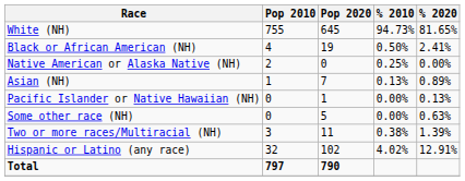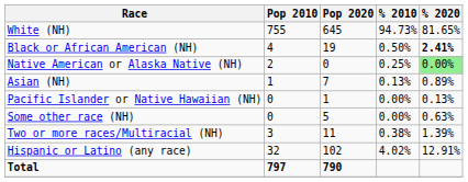 <table class="wikitable">
 <tr>
 <th>Race</th>
 <th>Pop 2010</th>
 <th>Pop 2020</th>
 <th>% 2010</th>
 <th>% 2020</th>
 </tr>
 <tr>
 <td><a href='#'>White</a> (NH)</td>
 <td>755</td>
 <td>645</td>
 <td>94.73%</td>
 <td>81.65%</td>
 </tr>
 <tr>
 <td><a href='#'>Black or African American</a> (NH)</td>
 <td>4</td>
 <td>19</td>
 <td>0.50%</td>
-<td>2.41%</td>
+<td><strong>2.41%</strong></td>
 </tr>
 <tr>
 <td><a href='#'>Native American</a> or <a href='#'>Alaska Native</a> (NH)</td>
 <td>2</td>
 <td>0</td>
 <td>0.25%</td>
-<td>0.00%</td>
+<td style="background: lightgreen;">0.00%</td>
 </tr>
 <tr>
 <td><a href='#'>Asian</a> (NH)</td>
 <td>1</td>
 <td>7</td>
 <td>0.13%</td>
 <td>0.89%</td>
 </tr>
 <tr>
 <td><a href='#'>Pacific Islander</a> or <a href='#'>Native Hawaiian</a> (NH)</td>
 <td>0</td>
 <td>1</td>
 <td>0.00%</td>
 <td>0.13%</td>
 </tr>
 <tr>
 <td><a href='#'>Some other race</a> (NH)</td>
 <td>0</td>
 <td>5</td>
 <td>0.00%</td>
 <td>0.63%</td>
 </tr>
 <tr>
 <td><a href='#'>Two or more races/Multiracial</a> (NH)</td>
 <td>3</td>
 <td>11</td>
 <td>0.38%</td>
 <td>1.39%</td>
 </tr>
 <tr>
 <td><a href='#'>Hispanic or Latino</a> (any race)</td>
 <td>32</td>
 <td>102</td>
 <td>4.02%</td>
 <td>12.91%</td>
 </tr>
 <tr>
 <td><strong>Total</strong></td>
 <td><strong>797</strong></td>
 <td><strong>790</strong></td>
 <td></td>
 <td></td>
 </tr>
 <tr>
 </tr>
 </table>
